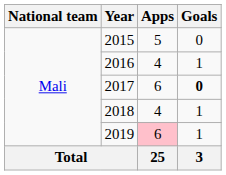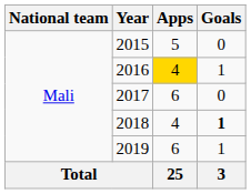 <table class="wikitable" style="text-align:center">
 <tr>
 <th>National team</th>
 <th>Year</th>
 <th>Apps</th>
 <th>Goals</th>
 </tr>
 <tr>
 <td rowspan="5"><a href='#'>Mali</a></td>
 <td>2015</td>
 <td>5</td>
 <td>0</td>
 </tr>
 <tr>
 <td>2016</td>
-<td>4</td>
+<td style="background: gold;">4</td>
 <td>1</td>
 </tr>
 <tr>
 <td>2017</td>
 <td>6</td>
-<td><strong>0</strong></td>
+<td>0</td>
 </tr>
 <tr>
 <td>2018</td>
 <td>4</td>
-<td>1</td>
+<td><strong>1</strong></td>
 </tr>
 <tr>
 <td>2019</td>
-<td style="background: pink;">6</td>
+<td>6</td>
 <td>1</td>
 </tr>
 <tr>
 <th colspan="2">Total</th>
 <th>25</th>
 <th>3</th>
 </tr>
 </table>
